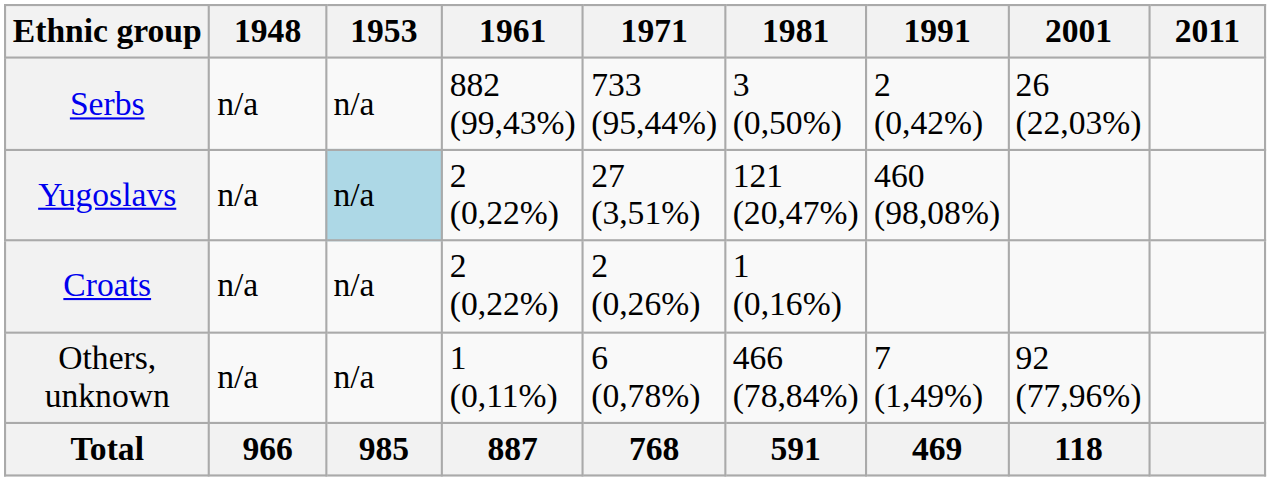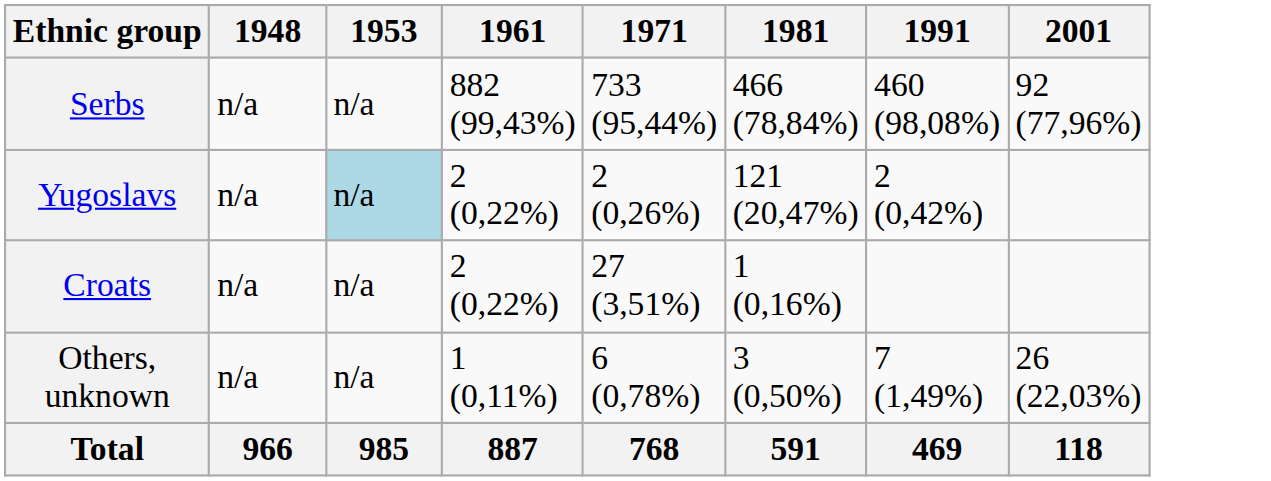 <table class="wikitable" border="1">
 <tr>
 <th>Ethnic group</th>
 <th style=width:3em>1948</th>
 <th style=width:3em>1953</th>
 <th style=width:3em>1961</th>
 <th style=width:3em>1971</th>
 <th style=width:3em>1981</th>
 <th style=width:3em>1991</th>
 <th style=width:3em>2001</th>
-<th style=width:3em>2011</th>
 </tr>
 <tr>
 <th style=font-weight:300><a href='#'>Serbs</a></th>
 <td>n/a</td>
 <td>n/a</td>
 <td>882 (99,43%)</td>
 <td>733 (95,44%)</td>
-<td>3 (0,50%)</td>
-<td>2 (0,42%)</td>
-<td>26 (22,03%)</td>
-<td></td>
+<td>466 (78,84%)</td>
+<td>460 (98,08%)</td>
+<td>92 (77,96%)</td>
 </tr>
 <tr>
 <th style=font-weight:300><a href='#'>Yugoslavs</a></th>
 <td>n/a</td>
 <td style="background: lightblue;">n/a</td>
 <td>2 (0,22%)</td>
-<td>27 (3,51%)</td>
+<td>2 (0,26%)</td>
 <td>121 (20,47%)</td>
-<td>460 (98,08%)</td>
-<td></td>
+<td>2 (0,42%)</td>
 <td></td>
 </tr>
 <tr>
 <th style=font-weight:300><a href='#'>Croats</a></th>
 <td>n/a</td>
 <td>n/a</td>
 <td>2 (0,22%)</td>
-<td>2 (0,26%)</td>
+<td>27 (3,51%)</td>
 <td>1 (0,16%)</td>
-<td></td>
 <td></td>
 <td></td>
 </tr>
 <tr>
 <th style=font-weight:300>Others,<br> unknown</th>
 <td>n/a</td>
 <td>n/a</td>
 <td>1 (0,11%)</td>
 <td>6 (0,78%)</td>
-<td>466 (78,84%)</td>
+<td>3 (0,50%)</td>
 <td>7 (1,49%)</td>
-<td>92 (77,96%)</td>
-<td></td>
+<td>26 (22,03%)</td>
 </tr>
 <tr>
 <th>Total</th>
 <th>966</th>
 <th>985</th>
 <th>887</th>
 <th>768</th>
 <th>591</th>
 <th>469</th>
 <th>118</th>
-<th></th>
 </tr>
 </table>
